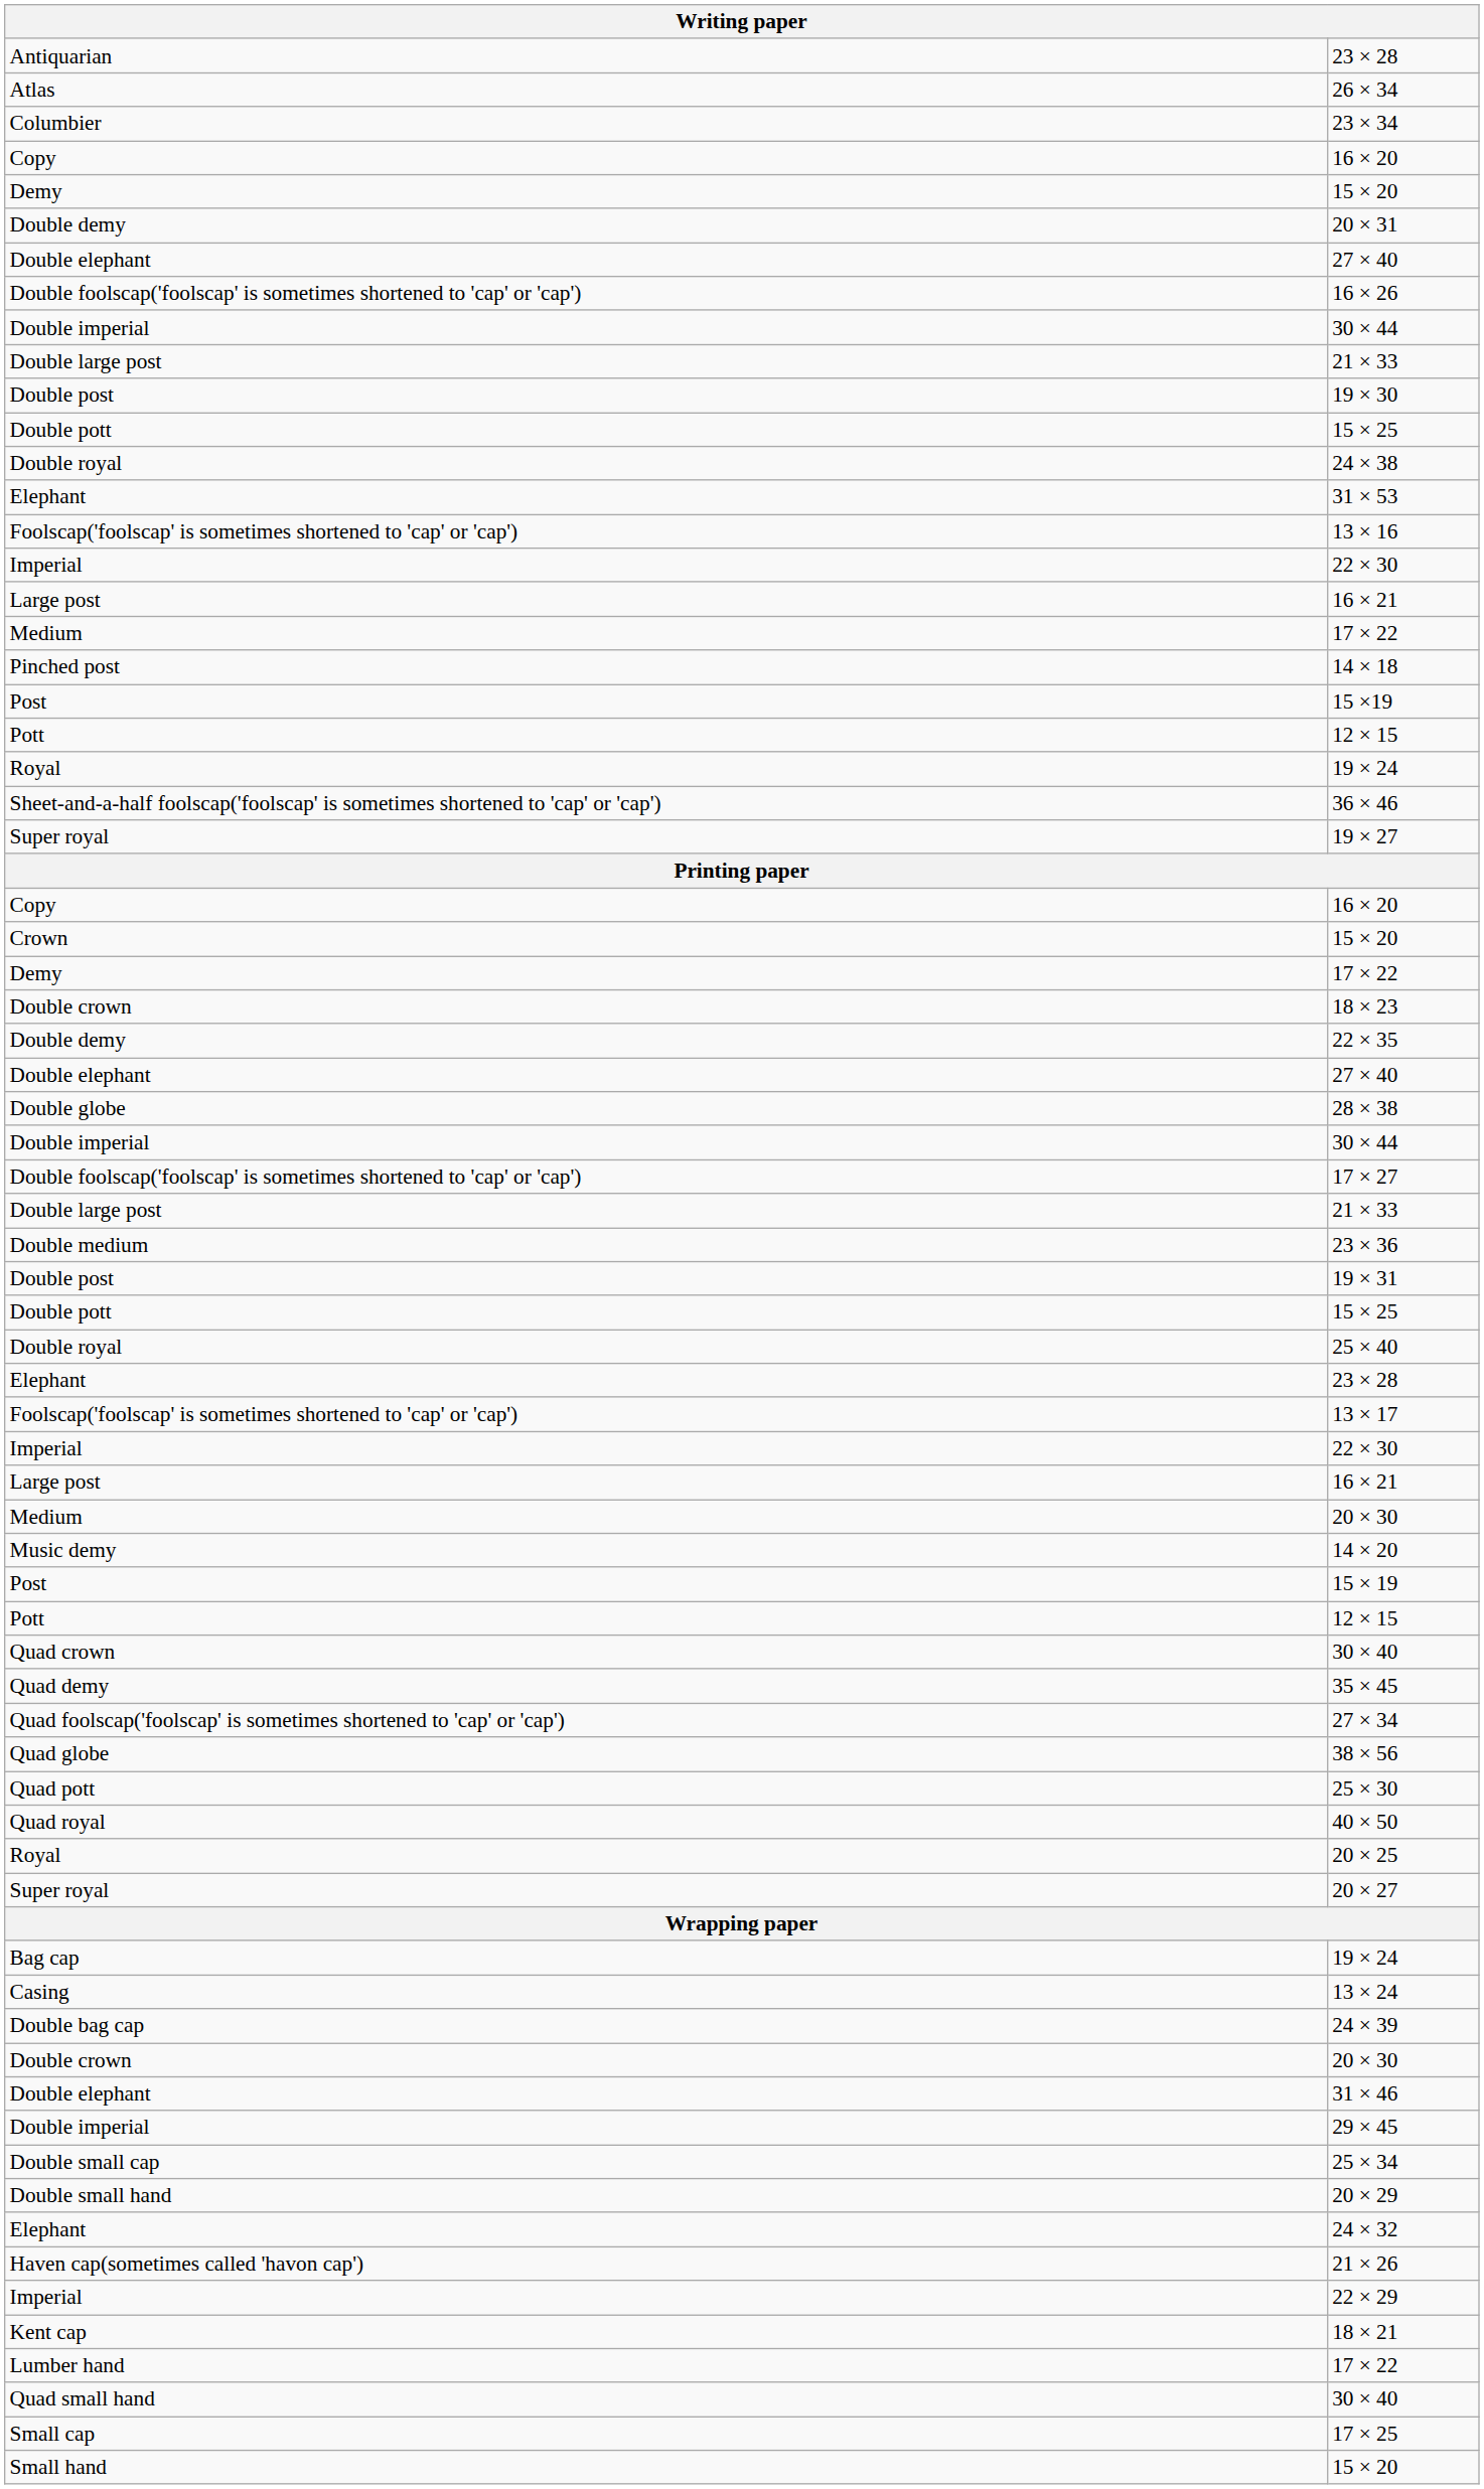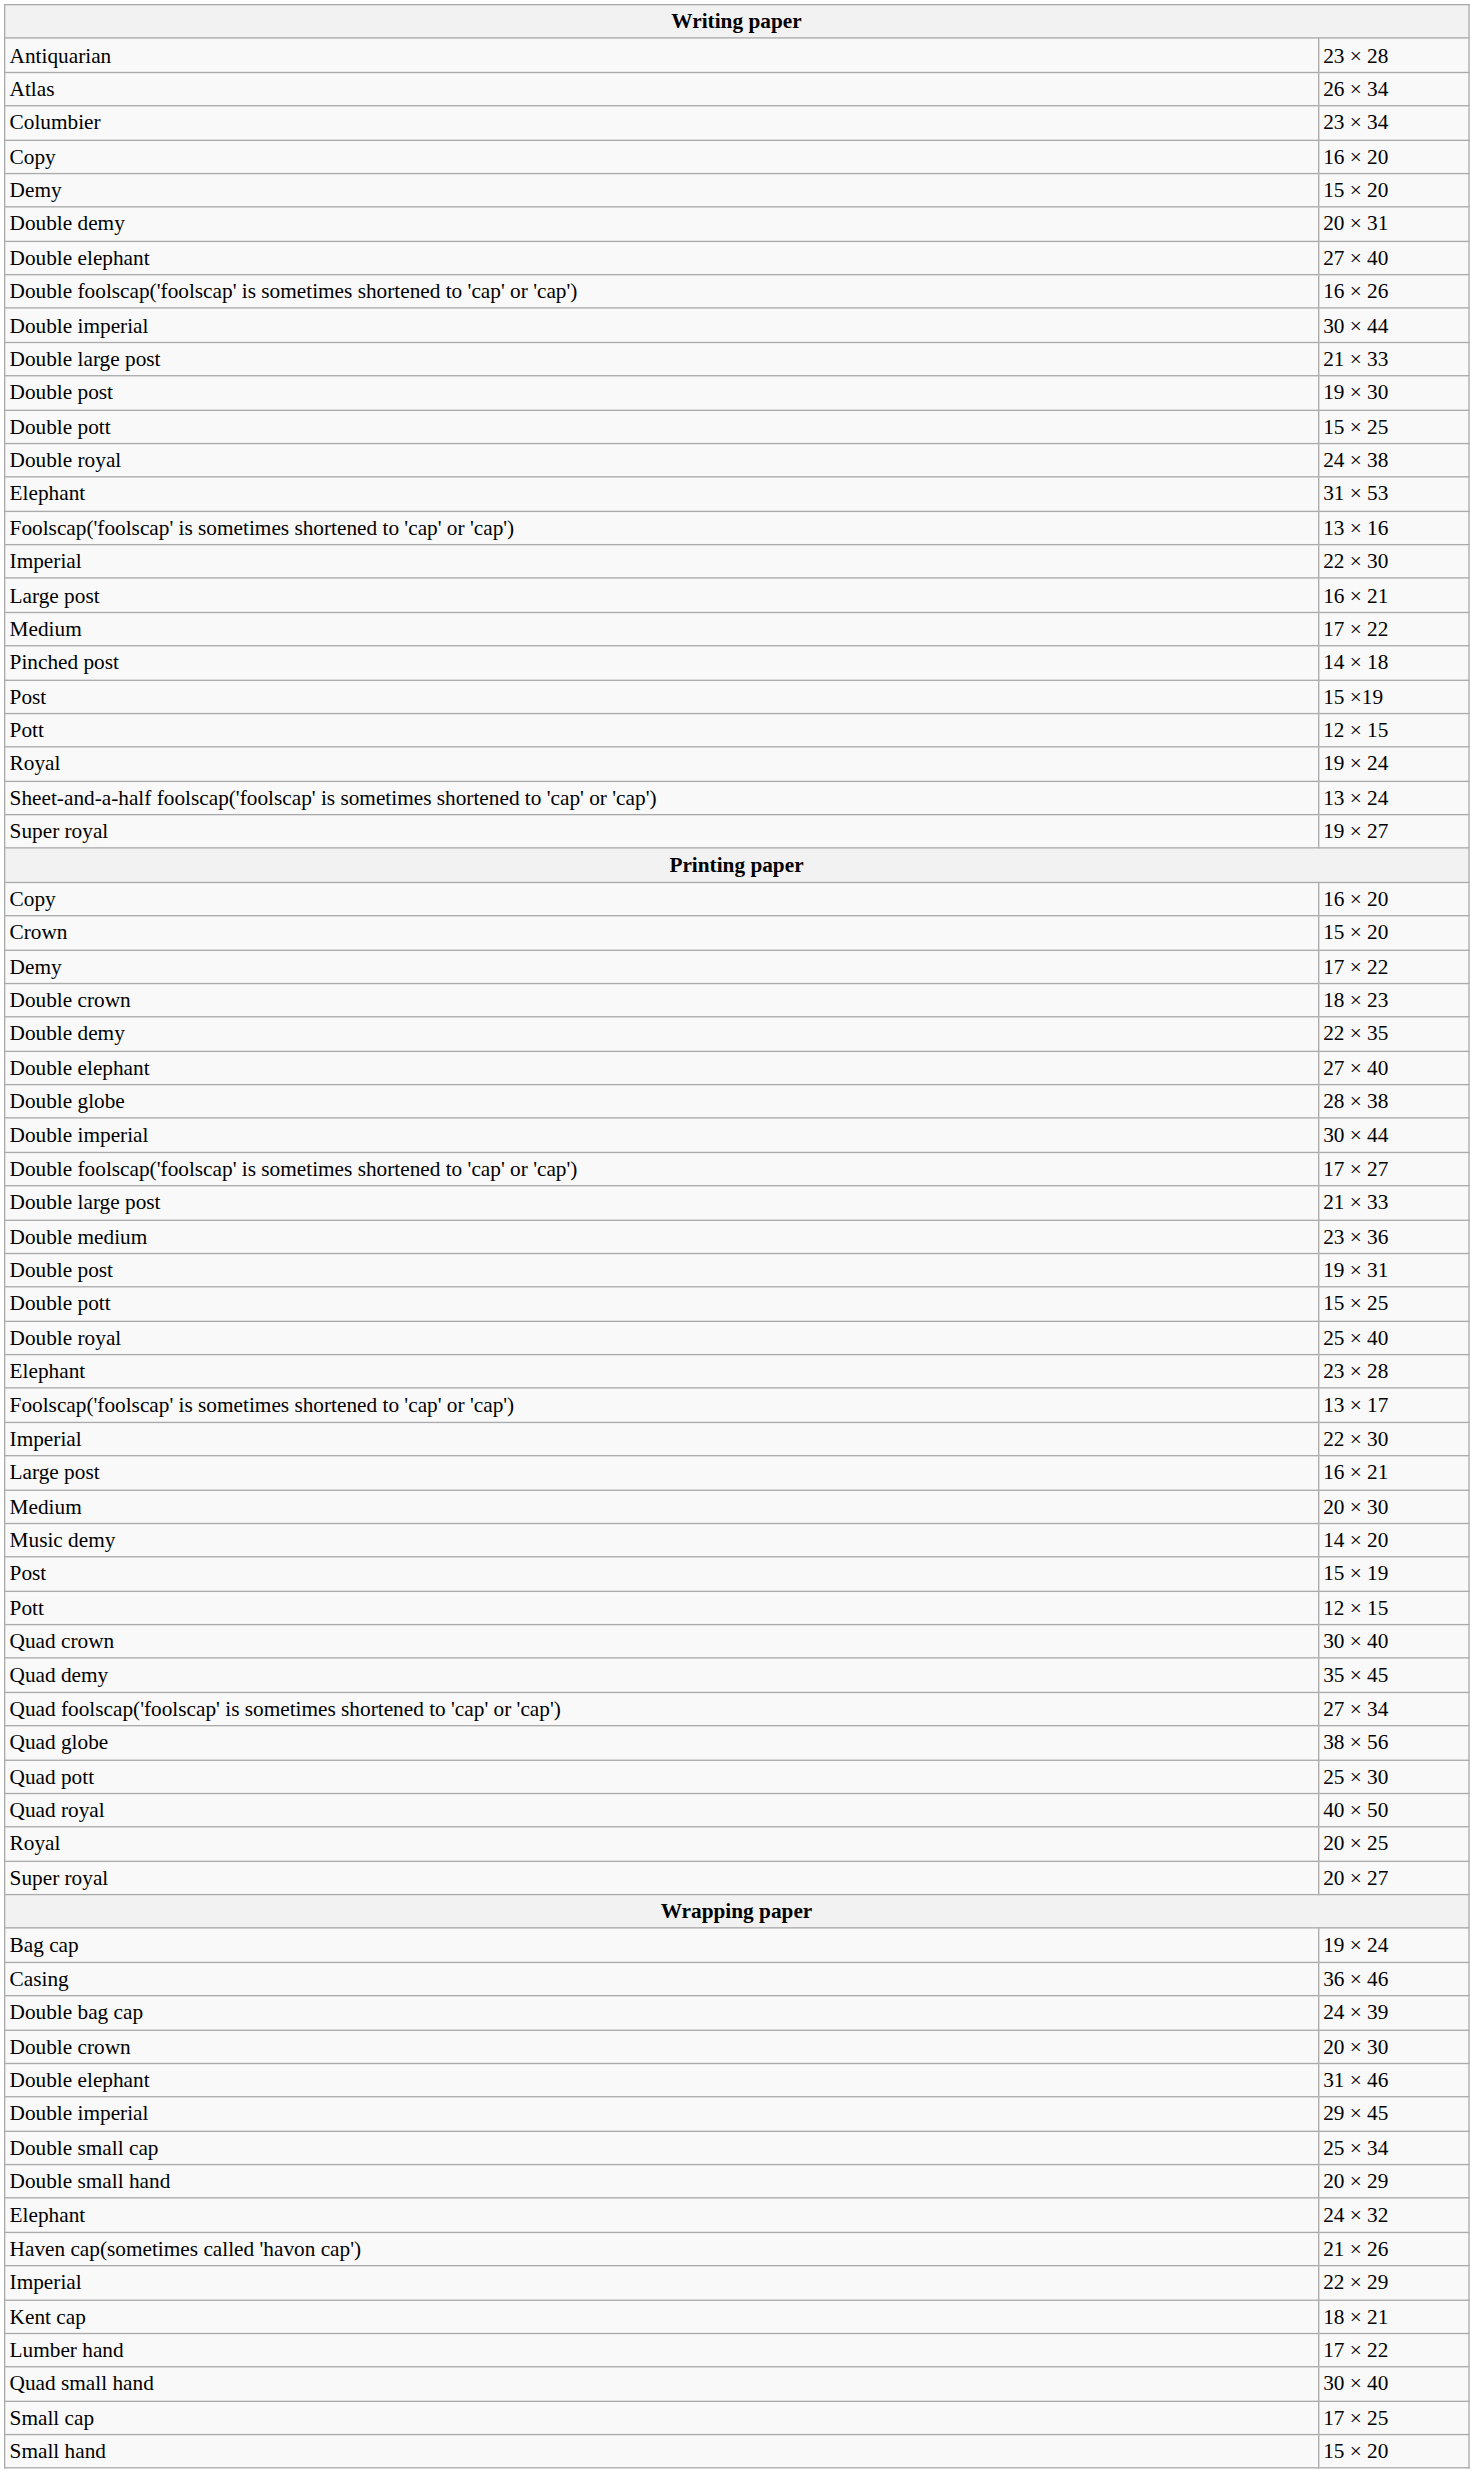 <table class="wikitable">
 <tr>
 <th colspan="2" width="50%">Writing paper</th>
 </tr>
 <tr>
 <td>Antiquarian</td>
 <td>23 × 28</td>
 </tr>
 <tr>
 <td>Atlas</td>
 <td>26 × 34</td>
 </tr>
 <tr>
 <td>Columbier</td>
 <td>23 × 34</td>
 </tr>
 <tr>
 <td>Copy</td>
 <td>16 × 20</td>
 </tr>
 <tr>
 <td>Demy</td>
 <td>15 × 20</td>
 </tr>
 <tr>
 <td>Double demy</td>
 <td>20 × 31</td>
 </tr>
 <tr>
 <td>Double elephant</td>
 <td>27 × 40</td>
 </tr>
 <tr>
 <td>Double foolscap('foolscap' is sometimes shortened to 'cap' or 'cap')</td>
 <td>16 × 26</td>
 </tr>
 <tr>
 <td>Double imperial</td>
 <td>30 × 44</td>
 </tr>
 <tr>
 <td>Double large post</td>
 <td>21 × 33</td>
 </tr>
 <tr>
 <td>Double post</td>
 <td>19 × 30</td>
 </tr>
 <tr>
 <td>Double pott</td>
 <td>15 × 25</td>
 </tr>
 <tr>
 <td>Double royal</td>
 <td>24 × 38</td>
 </tr>
 <tr>
 <td>Elephant</td>
 <td>31 × 53</td>
 </tr>
 <tr>
 <td>Foolscap('foolscap' is sometimes shortened to 'cap' or 'cap')</td>
 <td>13 × 16</td>
 </tr>
 <tr>
 <td>Imperial</td>
 <td>22 × 30</td>
 </tr>
 <tr>
 <td>Large post</td>
 <td>16 × 21</td>
 </tr>
 <tr>
 <td>Medium</td>
 <td>17 × 22</td>
 </tr>
 <tr>
 <td>Pinched post</td>
 <td>14 × 18</td>
 </tr>
 <tr>
 <td>Post</td>
 <td>15 ×19</td>
 </tr>
 <tr>
 <td>Pott</td>
 <td>12 × 15</td>
 </tr>
 <tr>
 <td>Royal</td>
 <td>19 × 24</td>
 </tr>
 <tr>
 <td>Sheet‑and‑a‑half foolscap('foolscap' is sometimes shortened to 'cap' or 'cap')</td>
-<td>36 × 46</td>
+<td>13 × 24</td>
 </tr>
 <tr>
 <td>Super royal</td>
 <td>19 × 27</td>
 </tr>
 <tr>
 <th colspan="2">Printing paper</th>
 </tr>
 <tr>
 <td>Copy</td>
 <td>16 × 20</td>
 </tr>
 <tr>
 <td>Crown</td>
 <td>15 × 20</td>
 </tr>
 <tr>
 <td>Demy</td>
 <td>17 × 22</td>
 </tr>
 <tr>
 <td>Double crown</td>
 <td>18 × 23</td>
 </tr>
 <tr>
 <td>Double demy</td>
 <td>22 × 35</td>
 </tr>
 <tr>
 <td>Double elephant</td>
 <td>27 × 40</td>
 </tr>
 <tr>
 <td>Double globe</td>
 <td>28 × 38</td>
 </tr>
 <tr>
 <td>Double imperial</td>
 <td>30 × 44</td>
 </tr>
 <tr>
 <td>Double foolscap('foolscap' is sometimes shortened to 'cap' or 'cap')</td>
 <td>17 × 27</td>
 </tr>
 <tr>
 <td>Double large post</td>
 <td>21 × 33</td>
 </tr>
 <tr>
 <td>Double medium</td>
 <td>23 × 36</td>
 </tr>
 <tr>
 <td>Double post</td>
 <td>19 × 31</td>
 </tr>
 <tr>
 <td>Double pott</td>
 <td>15 × 25</td>
 </tr>
 <tr>
 <td>Double royal</td>
 <td>25 × 40</td>
 </tr>
 <tr>
 <td>Elephant</td>
 <td>23 × 28</td>
 </tr>
 <tr>
 <td>Foolscap('foolscap' is sometimes shortened to 'cap' or 'cap')</td>
 <td>13 × 17</td>
 </tr>
 <tr>
 <td>Imperial</td>
 <td>22 × 30</td>
 </tr>
 <tr>
 <td>Large post</td>
 <td>16 × 21</td>
 </tr>
 <tr>
 <td>Medium</td>
 <td>20 × 30</td>
 </tr>
 <tr>
 <td>Music demy</td>
 <td>14 × 20</td>
 </tr>
 <tr>
 <td>Post</td>
 <td>15 × 19</td>
 </tr>
 <tr>
 <td>Pott</td>
 <td>12 × 15</td>
 </tr>
 <tr>
 <td>Quad crown</td>
 <td>30 × 40</td>
 </tr>
 <tr>
 <td>Quad demy</td>
 <td>35 × 45</td>
 </tr>
 <tr>
 <td>Quad foolscap('foolscap' is sometimes shortened to 'cap' or 'cap')</td>
 <td>27 × 34</td>
 </tr>
 <tr>
 <td>Quad globe</td>
 <td>38 × 56</td>
 </tr>
 <tr>
 <td>Quad pott</td>
 <td>25 × 30</td>
 </tr>
 <tr>
 <td>Quad royal</td>
 <td>40 × 50</td>
 </tr>
 <tr>
 <td>Royal</td>
 <td>20 × 25</td>
 </tr>
 <tr>
 <td>Super royal</td>
 <td>20 × 27</td>
 </tr>
 <tr>
 <th colspan="2">Wrapping paper</th>
 </tr>
 <tr>
 <td>Bag cap</td>
 <td>19 × 24</td>
 </tr>
 <tr>
 <td>Casing</td>
-<td>13 × 24</td>
+<td>36 × 46</td>
 </tr>
 <tr>
 <td>Double bag cap</td>
 <td>24 × 39</td>
 </tr>
 <tr>
 <td>Double crown</td>
 <td>20 × 30</td>
 </tr>
 <tr>
 <td>Double elephant</td>
 <td>31 × 46</td>
 </tr>
 <tr>
 <td>Double imperial</td>
 <td>29 × 45</td>
 </tr>
 <tr>
 <td>Double small cap</td>
 <td>25 × 34</td>
 </tr>
 <tr>
 <td>Double small hand</td>
 <td>20 × 29</td>
 </tr>
 <tr>
 <td>Elephant</td>
 <td>24 × 32</td>
 </tr>
 <tr>
 <td>Haven cap(sometimes called 'havon cap')</td>
 <td>21 × 26</td>
 </tr>
 <tr>
 <td>Imperial</td>
 <td>22 × 29</td>
 </tr>
 <tr>
 <td>Kent cap</td>
 <td>18 × 21</td>
 </tr>
 <tr>
 <td>Lumber hand</td>
 <td>17 × 22</td>
 </tr>
 <tr>
 <td>Quad small hand</td>
 <td>30 × 40</td>
 </tr>
 <tr>
 <td>Small cap</td>
 <td>17 × 25</td>
 </tr>
 <tr>
 <td>Small hand</td>
 <td>15 × 20</td>
 </tr>
 </table>
